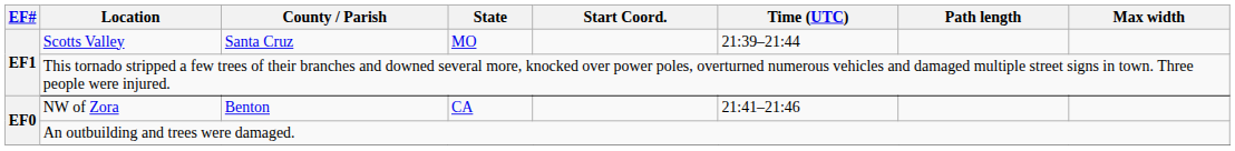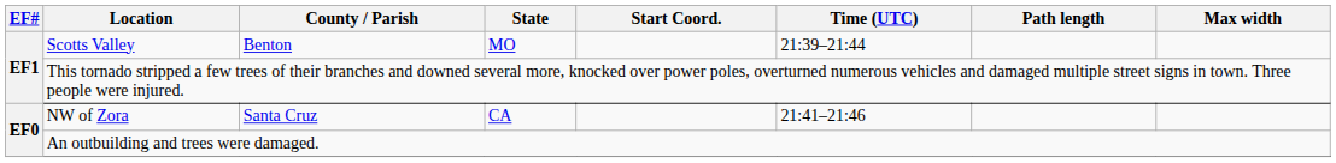 <table class="wikitable sortable" style="width:100%;">
 <tr>
 <th scope="col" width="2%" align="center"><a href='#'>EF#</a></th>
 <th scope="col" align="center" class="unsortable">Location</th>
 <th scope="col" align="center" class="unsortable">County / Parish</th>
 <th scope="col" align="center">State</th>
 <th scope="col" align="center">Start Coord.</th>
 <th scope="col" align="center">Time (<a href='#'>UTC</a>)</th>
 <th scope="col" align="center">Path length</th>
 <th scope="col" align="center">Max width</th>
 </tr>
 <tr>
 <th scope="row" rowspan="2" style="background-color:#">EF1</th>
 <td><a href='#'>Scotts Valley</a></td>
-<td><a href='#'>Santa Cruz</a></td>
+<td><a href='#'>Benton</a></td>
 <td><a href='#'>MO</a></td>
 <td></td>
 <td>21:39–21:44</td>
 <td></td>
 <td></td>
 </tr>
 <tr class="expand-child">
 <td colspan="8" style=" border-bottom: 1px solid black;">This tornado stripped a few trees of their branches and downed several more, knocked over power poles, overturned numerous vehicles and damaged multiple street signs in town. Three people were injured.</td>
 </tr>
 <tr>
 <th scope="row" rowspan="2" style="background-color:#">EF0</th>
 <td>NW of <a href='#'>Zora</a></td>
-<td><a href='#'>Benton</a></td>
+<td><a href='#'>Santa Cruz</a></td>
 <td><a href='#'>CA</a></td>
 <td></td>
 <td>21:41–21:46</td>
 <td></td>
 <td></td>
 </tr>
 <tr class="expand-child">
 <td colspan="8" style=" border-bottom: 1px solid black;">An outbuilding and trees were damaged.</td>
 </tr>
 <tr>
 </tr>
 </table>
